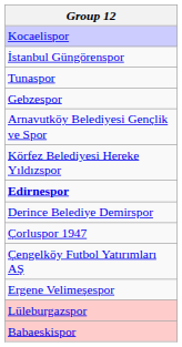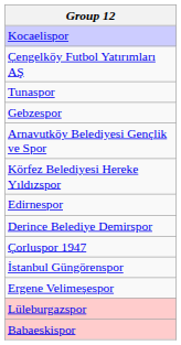 <table class="wikitable collapsible collapsed" style="font-size:95%;">
 <tr>
 <th colspan="1" width="200"><em>Group 12</em></th>
 </tr>
 <tr>
 <td style="background:#ccccff;"><a href='#'>Kocaelispor</a></td>
 </tr>
 <tr>
-<td><a href='#'>İstanbul Güngörenspor</a></td>
+<td><a href='#'>Çengelköy Futbol Yatırımları AŞ</a></td>
 </tr>
 <tr>
 <td><a href='#'>Tunaspor</a></td>
 </tr>
 <tr>
 <td><a href='#'>Gebzespor</a></td>
 </tr>
 <tr>
 <td><a href='#'>Arnavutköy Belediyesi Gençlik ve Spor</a></td>
 </tr>
 <tr>
 <td><a href='#'>Körfez Belediyesi Hereke Yıldızspor</a></td>
 </tr>
 <tr>
-<td><strong><a href='#'>Edirnespor</a></strong></td>
+<td><a href='#'>Edirnespor</a></td>
 </tr>
 <tr>
 <td><a href='#'>Derince Belediye Demirspor</a></td>
 </tr>
 <tr>
 <td><a href='#'>Çorluspor 1947</a></td>
 </tr>
 <tr>
-<td><a href='#'>Çengelköy Futbol Yatırımları AŞ</a></td>
+<td><a href='#'>İstanbul Güngörenspor</a></td>
 </tr>
 <tr>
 <td><a href='#'>Ergene Velimeşespor</a></td>
 </tr>
 <tr>
 <td style="background:#fcc;"><a href='#'>Lüleburgazspor</a></td>
 </tr>
 <tr>
 <td style="background:#fcc;"><a href='#'>Babaeskispor</a></td>
 </tr>
 </table>
